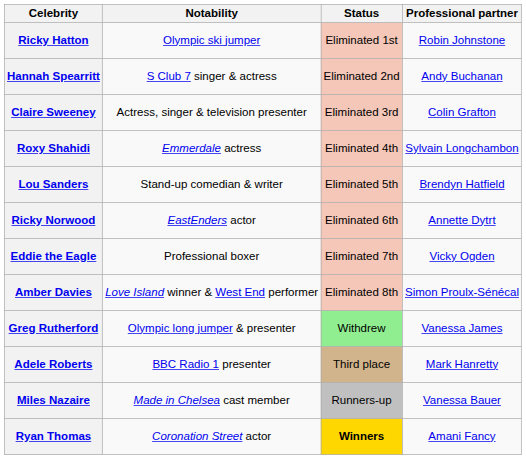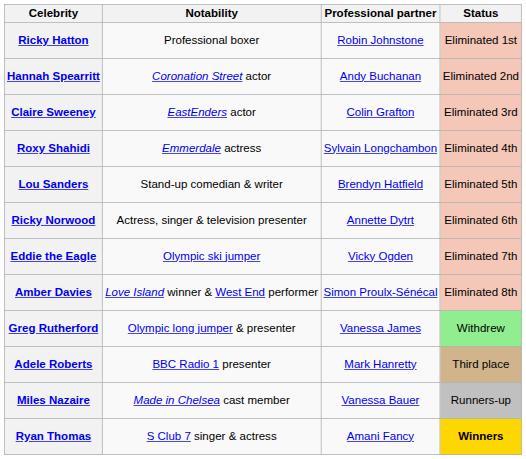 <table class="wikitable sortable" style="text-align:center;">
 <tr>
 <th scope="col">Celebrity</th>
 <th scope="col" class="unsortable">Notability</th>
+<th scope="col">Professional partner</th>
 <th scope="col">Status</th>
-<th scope="col">Professional partner</th>
 </tr>
 <tr style="height:50px">
 <th scope="row"><a href='#'>Ricky Hatton</a></th>
-<td><a href='#'>Olympic ski jumper</a></td>
+<td>Professional boxer</td>
+<td><a href='#'>Robin Johnstone</a></td>
 <td bgcolor="f4c7b8">Eliminated 1st<br></td>
-<td><a href='#'>Robin Johnstone</a></td>
 </tr>
 <tr style="height:50px">
 <th scope="row"><a href='#'>Hannah Spearritt</a></th>
-<td><a href='#'>S Club 7</a> singer & actress</td>
+<td><em><a href='#'>Coronation Street</a></em> actor</td>
+<td><a href='#'>Andy Buchanan</a></td>
 <td bgcolor="f4c7b8">Eliminated 2nd<br></td>
-<td><a href='#'>Andy Buchanan</a></td>
 </tr>
 <tr style="height:50px">
 <th scope="row"><a href='#'>Claire Sweeney</a></th>
-<td>Actress, singer & television presenter</td>
+<td><em><a href='#'>EastEnders</a></em> actor</td>
+<td><a href='#'>Colin Grafton</a></td>
 <td bgcolor="f4c7b8">Eliminated 3rd<br></td>
-<td><a href='#'>Colin Grafton</a></td>
 </tr>
 <tr style="height:50px">
 <th scope="row”"><a href='#'>Roxy Shahidi</a></th>
 <td><em><a href='#'>Emmerdale</a></em> actress</td>
+<td><a href='#'>Sylvain Longchambon</a></td>
 <td bgcolor="f4c7b8">Eliminated 4th<br></td>
-<td><a href='#'>Sylvain Longchambon</a></td>
 </tr>
 <tr style="height:50px">
 <th scope="row"><a href='#'>Lou Sanders</a></th>
 <td>Stand-up comedian & writer</td>
+<td><a href='#'>Brendyn Hatfield</a></td>
 <td bgcolor="f4c7b8">Eliminated 5th<br></td>
-<td><a href='#'>Brendyn Hatfield</a></td>
 </tr>
 <tr style="height:50px">
 <th scope="row"><a href='#'>Ricky Norwood</a></th>
-<td><em><a href='#'>EastEnders</a></em> actor</td>
+<td>Actress, singer & television presenter</td>
+<td><a href='#'>Annette Dytrt</a></td>
 <td bgcolor="f4c7b8">Eliminated 6th<br></td>
-<td><a href='#'>Annette Dytrt</a></td>
 </tr>
 <tr style="height:50px">
 <th scope="row"><a href='#'>Eddie the Eagle</a></th>
-<td>Professional boxer</td>
+<td><a href='#'>Olympic ski jumper</a></td>
+<td><a href='#'>Vicky Ogden</a></td>
 <td bgcolor="f4c7b8">Eliminated 7th<br></td>
-<td><a href='#'>Vicky Ogden</a></td>
 </tr>
 <tr style="height:50px">
 <th scope="row"><a href='#'>Amber Davies</a></th>
 <td><em><a href='#'>Love Island</a></em> winner & <a href='#'>West End</a> performer</td>
+<td><a href='#'>Simon Proulx-Sénécal</a></td>
 <td bgcolor="f4c7b8">Eliminated 8th<br></td>
-<td><a href='#'>Simon Proulx-Sénécal</a></td>
 </tr>
 <tr style="height:50px">
 <th scope="row"><a href='#'>Greg Rutherford</a></th>
 <td><a href='#'>Olympic long jumper</a> & presenter</td>
+<td><a href='#'>Vanessa James</a></td>
 <td bgcolor="lightgreen">Withdrew<br></td>
-<td><a href='#'>Vanessa James</a></td>
 </tr>
 <tr style="height:50px">
 <th scope="row"><a href='#'>Adele Roberts</a></th>
 <td><a href='#'>BBC Radio 1</a> presenter</td>
+<td><a href='#'>Mark Hanretty</a></td>
 <td bgcolor="tan">Third place<br></td>
-<td><a href='#'>Mark Hanretty</a></td>
 </tr>
 <tr style="height:50px">
 <th scope="row"><a href='#'>Miles Nazaire</a></th>
 <td><em><a href='#'>Made in Chelsea</a></em> cast member</td>
+<td><a href='#'>Vanessa Bauer</a></td>
 <td bgcolor="silver">Runners-up<br></td>
-<td><a href='#'>Vanessa Bauer</a></td>
 </tr>
 <tr style="height:50px">
 <th scope="row"><a href='#'>Ryan Thomas</a></th>
-<td><em><a href='#'>Coronation Street</a></em> actor</td>
+<td><a href='#'>S Club 7</a> singer & actress</td>
+<td><a href='#'>Amani Fancy</a></td>
 <td bgcolor="gold"><strong>Winners</strong><br></td>
-<td><a href='#'>Amani Fancy</a></td>
 </tr>
 </table>
